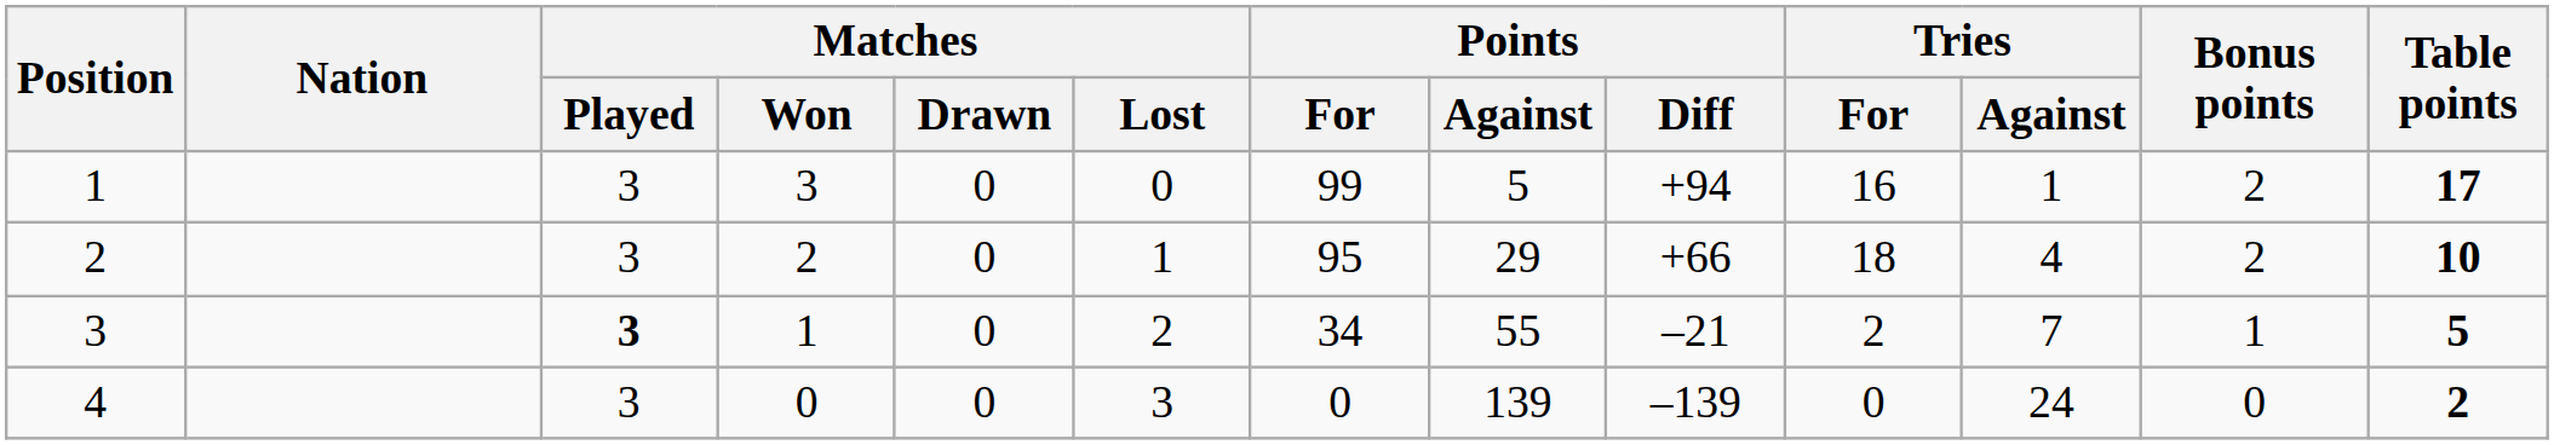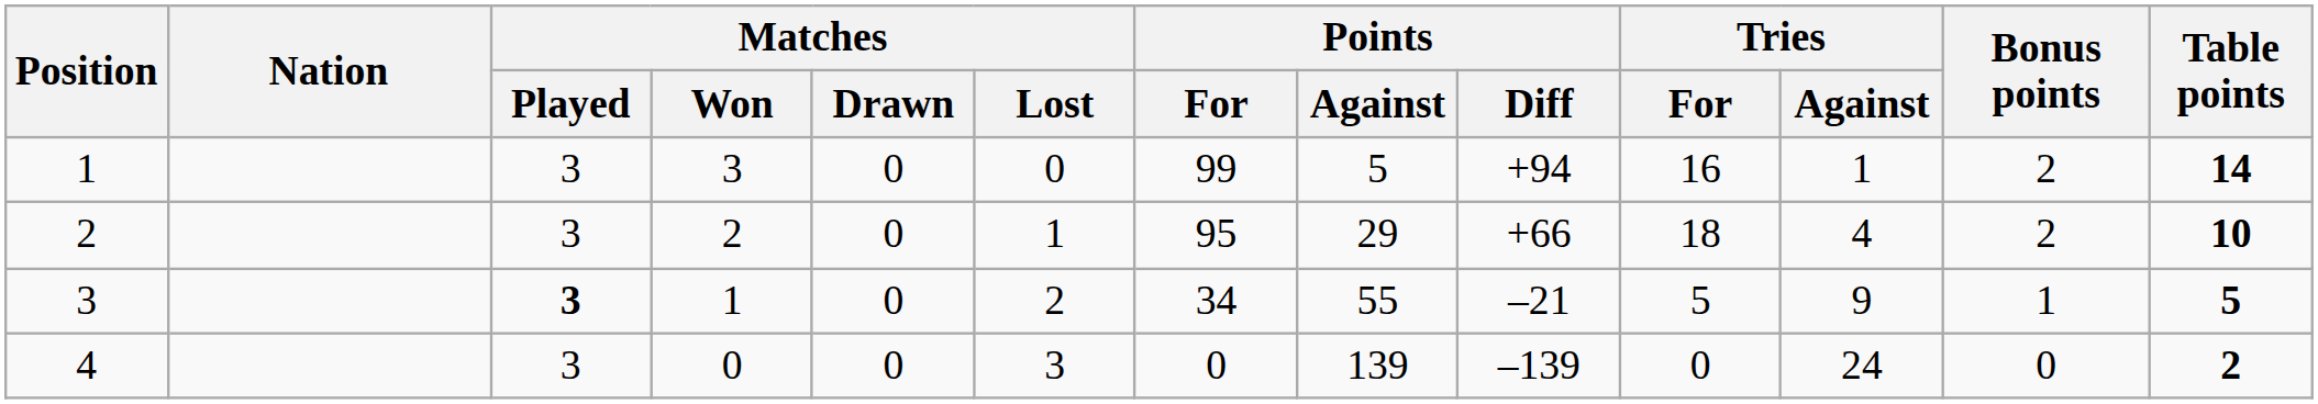 <table class="wikitable" style="text-align:center">
 <tr>
 <th rowspan="2" style="width:7%">Position</th>
 <th rowspan="2" style="width:14%">Nation</th>
 <th colspan="4" style="width:28%">Matches</th>
 <th colspan="3" style="width:21%">Points</th>
 <th colspan="2" style="width:8%">Tries</th>
 <th rowspan="2" style="width:9%">Bonus<br>points</th>
 <th rowspan="2" style="width:9%">Table<br>points</th>
 </tr>
 <tr>
 <th style="width:7%">Played</th>
 <th style="width:7%">Won</th>
 <th style="width:7%">Drawn</th>
 <th style="width:7%">Lost</th>
 <th style="width:7%">For</th>
 <th style="width:7%">Against</th>
 <th style="width:7%">Diff</th>
 <th style="width:7%">For</th>
 <th style="width:7%">Against</th>
 </tr>
 <tr>
 <td>1</td>
 <td align="left"></td>
 <td>3</td>
 <td>3</td>
 <td>0</td>
 <td>0</td>
 <td>99</td>
 <td>5</td>
 <td>+94</td>
 <td>16</td>
 <td>1</td>
 <td>2</td>
-<td><strong>17</strong></td>
+<td><strong>14</strong></td>
 </tr>
 <tr>
 <td>2</td>
 <td align="left"></td>
 <td>3</td>
 <td>2</td>
 <td>0</td>
 <td>1</td>
 <td>95</td>
 <td>29</td>
 <td>+66</td>
 <td>18</td>
 <td>4</td>
 <td>2</td>
 <td><strong>10</strong></td>
 </tr>
 <tr>
 <td>3</td>
 <td align="left"></td>
 <td><strong>3</strong></td>
 <td>1</td>
 <td>0</td>
 <td>2</td>
 <td>34</td>
 <td>55</td>
 <td>–21</td>
-<td>2</td>
-<td>7</td>
+<td>5</td>
+<td>9</td>
 <td>1</td>
 <td><strong>5</strong></td>
 </tr>
 <tr>
 <td>4</td>
 <td align="left"></td>
 <td>3</td>
 <td>0</td>
 <td>0</td>
 <td>3</td>
 <td>0</td>
 <td>139</td>
 <td>–139</td>
 <td>0</td>
 <td>24</td>
 <td>0</td>
 <td><strong>2</strong></td>
 </tr>
 </table>
